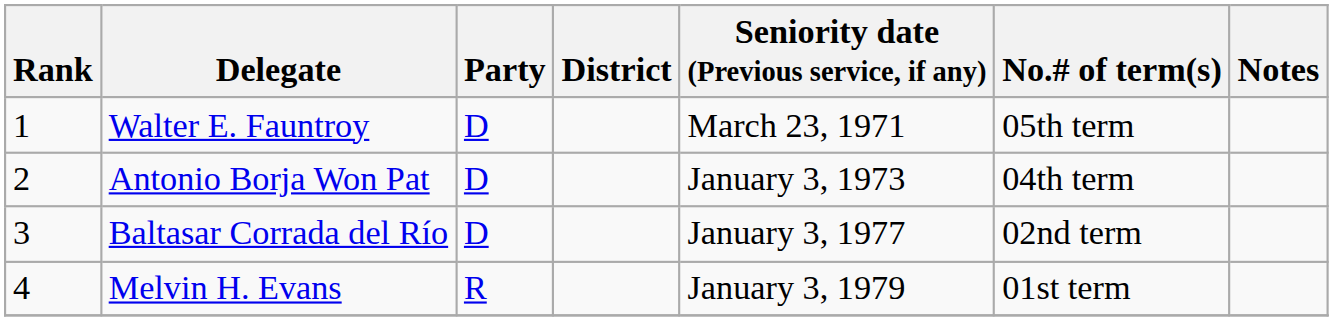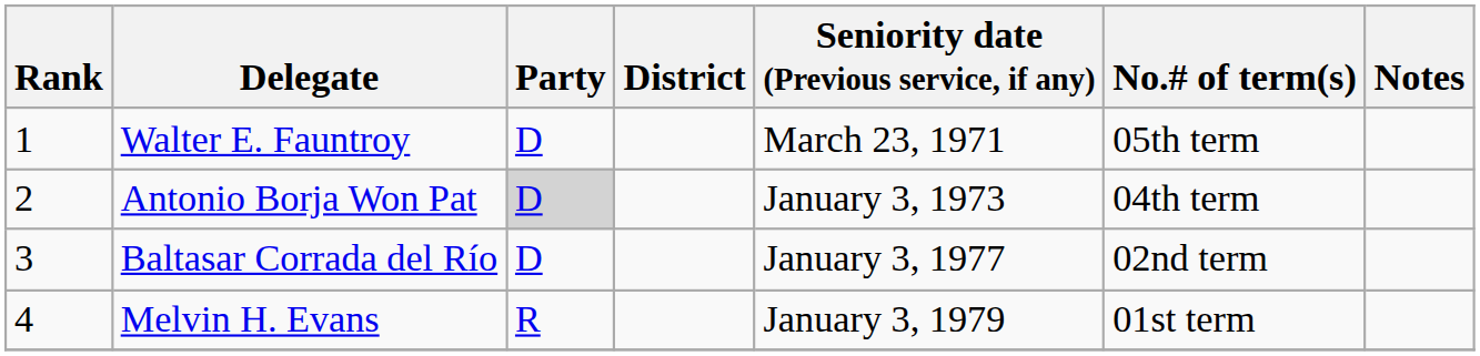 <table class="wikitable sortable">
 <tr valign=bottom>
 <th>Rank</th>
 <th>Delegate</th>
 <th>Party</th>
 <th>District</th>
 <th>Seniority date<br><small>(Previous service, if any)</small><br></th>
 <th>No.# of term(s)</th>
 <th>Notes</th>
 </tr>
 <tr>
 <td>1</td>
 <td><a href='#'>Walter E. Fauntroy</a></td>
 <td><a href='#'>D</a></td>
 <td></td>
 <td>March 23, 1971</td>
 <td>05th term</td>
 <td></td>
 </tr>
 <tr>
 <td>2</td>
 <td><a href='#'>Antonio Borja Won Pat</a></td>
-<td><a href='#'>D</a></td>
+<td style="background: lightgrey;"><a href='#'>D</a></td>
 <td></td>
 <td>January 3, 1973</td>
 <td>04th term</td>
 <td></td>
 </tr>
 <tr>
 <td>3</td>
 <td><a href='#'>Baltasar Corrada del Río</a></td>
 <td><a href='#'>D</a></td>
 <td></td>
 <td>January 3, 1977</td>
 <td>02nd term</td>
 <td></td>
 </tr>
 <tr>
 <td>4</td>
 <td><a href='#'>Melvin H. Evans</a></td>
 <td><a href='#'>R</a></td>
 <td></td>
 <td>January 3, 1979</td>
 <td>01st term</td>
 <td></td>
 </tr>
 <tr>
 </tr>
 </table>
